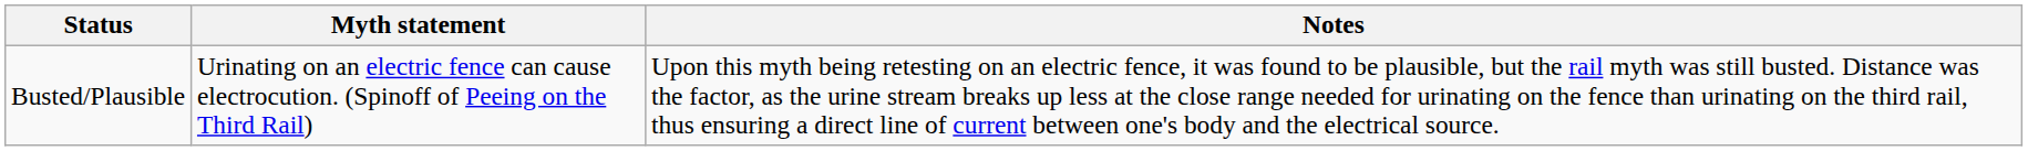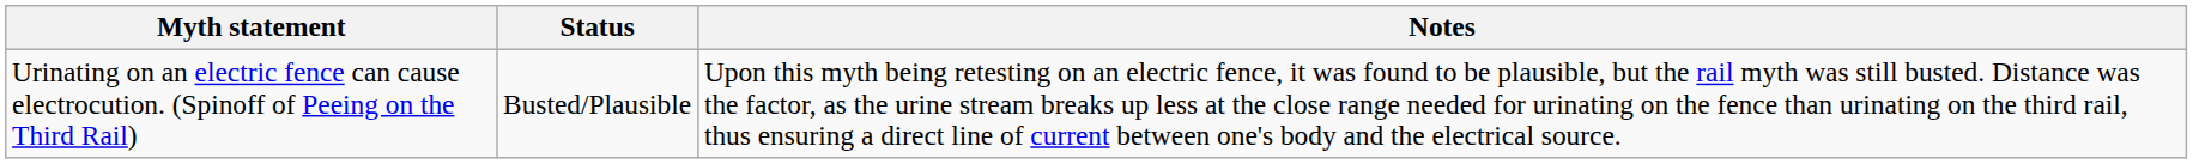 <table class="wikitable plainrowheaders">
 <tr>
+<th>Myth statement</th>
 <th>Status</th>
-<th>Myth statement</th>
 <th>Notes</th>
 </tr>
 <tr>
+<td>Urinating on an <a href='#'>electric fence</a> can cause electrocution. (Spinoff of <a href='#'>Peeing on the Third Rail</a>)</td>
 <td><span>Busted</span>/<span>Plausible</span></td>
-<td>Urinating on an <a href='#'>electric fence</a> can cause electrocution. (Spinoff of <a href='#'>Peeing on the Third Rail</a>)</td>
 <td>Upon this myth being retesting on an electric fence, it was found to be plausible, but the <a href='#'>rail</a> myth was still busted. Distance was the factor, as the urine stream breaks up less at the close range needed for urinating on the fence than urinating on the third rail, thus ensuring a direct line of <a href='#'>current</a> between one's body and the electrical source.</td>
 </tr>
 </table>
